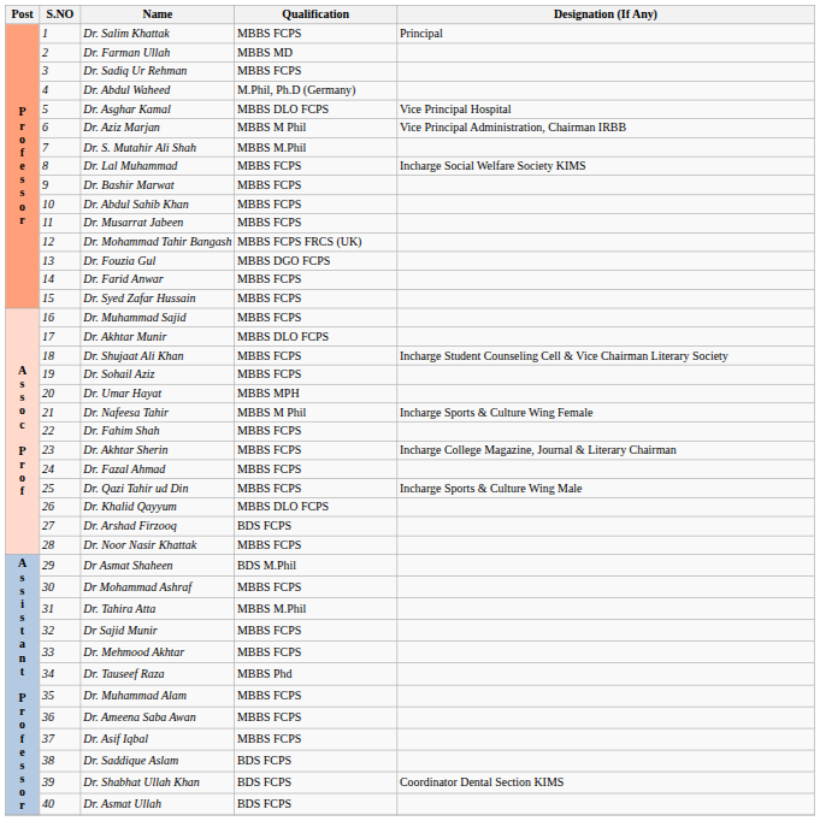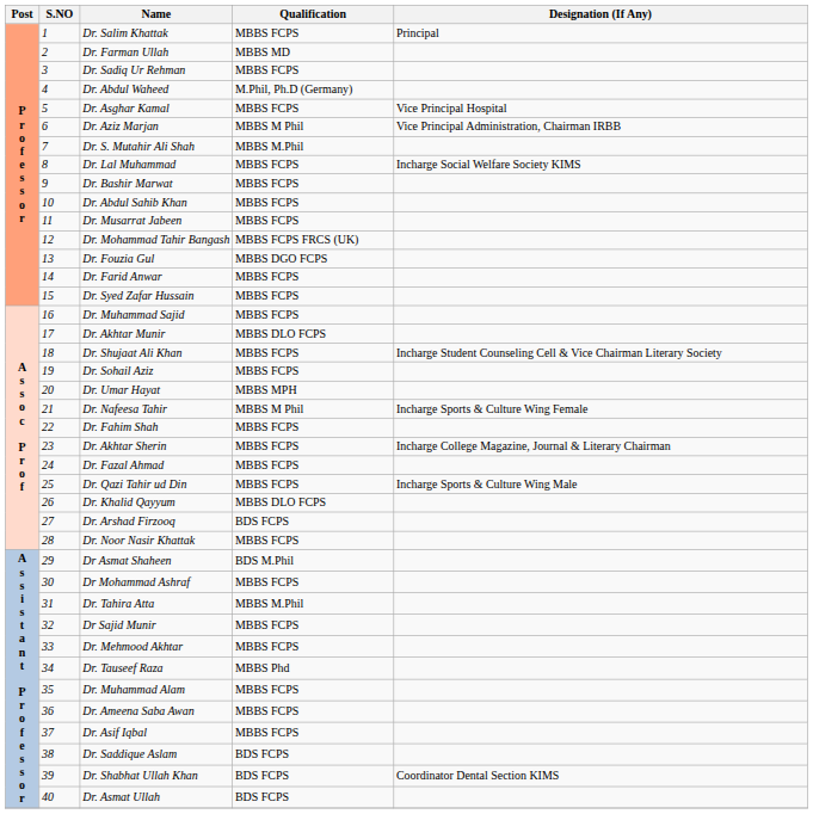 <table class="wikitable">
 <tr style="background:#b0e0e66; text-align:center;">
 <th colspan=1><strong>Post</strong></th>
 <th><strong>S.NO</strong></th>
 <th style="width:19%;"><strong>Name</strong></th>
 <th><strong>Qualification</strong></th>
 <th><strong>Designation (If Any)</strong></th>
 </tr>
 <tr>
 <td rowspan=15 style="text-align:center; background:#ffa07a; textcolor:#000;"><strong>P<br>r<br>o<br>f<br>e<br>s<br>s<br>o<br>r</strong></td>
 <td><em>1</em></td>
 <td><em>Dr. Salim Khattak</em></td>
 <td>MBBS FCPS</td>
 <td>Principal</td>
 </tr>
 <tr>
 <td><em>2</em></td>
 <td><em>Dr. Farman Ullah</em></td>
 <td>MBBS MD</td>
 <td></td>
 </tr>
 <tr>
 <td><em>3</em></td>
 <td><em>Dr. Sadiq Ur Rehman</em></td>
 <td>MBBS FCPS</td>
 <td></td>
 </tr>
 <tr>
 <td><em>4</em></td>
 <td><em>Dr. Abdul Waheed</em></td>
 <td>M.Phil, Ph.D (Germany)</td>
 <td></td>
 </tr>
 <tr>
 <td><em>5</em></td>
 <td><em>Dr. Asghar Kamal</em></td>
-<td>MBBS DLO FCPS</td>
+<td>MBBS FCPS</td>
 <td>Vice Principal Hospital</td>
 </tr>
 <tr>
 <td><em>6</em></td>
 <td><em>Dr. Aziz Marjan</em></td>
 <td>MBBS M Phil</td>
 <td>Vice Principal Administration, Chairman IRBB</td>
 </tr>
 <tr>
 <td><em>7</em></td>
 <td><em>Dr. S. Mutahir Ali Shah</em></td>
 <td>MBBS M.Phil</td>
 <td></td>
 </tr>
 <tr>
 <td><em>8</em></td>
 <td><em>Dr. Lal Muhammad</em></td>
 <td>MBBS FCPS</td>
 <td>Incharge Social Welfare Society KIMS</td>
 </tr>
 <tr>
 <td><em>9</em></td>
 <td><em>Dr. Bashir Marwat</em></td>
 <td>MBBS FCPS</td>
 <td></td>
 </tr>
 <tr>
 <td><em>10</em></td>
 <td><em>Dr. Abdul Sahib Khan</em></td>
 <td>MBBS FCPS</td>
 <td></td>
 </tr>
 <tr>
 <td><em>11</em></td>
 <td><em>Dr. Musarrat Jabeen</em></td>
 <td>MBBS FCPS</td>
 <td></td>
 </tr>
 <tr>
 <td><em>12</em></td>
 <td><em>Dr. Mohammad Tahir Bangash</em></td>
 <td>MBBS FCPS FRCS (UK)</td>
 <td></td>
 </tr>
 <tr>
 <td><em>13</em></td>
 <td><em>Dr. Fouzia Gul</em></td>
 <td>MBBS DGO FCPS</td>
 <td></td>
 </tr>
 <tr>
 <td><em>14</em></td>
 <td><em>Dr. Farid Anwar</em></td>
 <td>MBBS FCPS</td>
 <td></td>
 </tr>
 <tr>
 <td><em>15</em></td>
 <td><em>Dr. Syed Zafar Hussain</em></td>
 <td>MBBS FCPS</td>
 <td></td>
 </tr>
 <tr>
 <td rowspan=13 style="text-align:center; background:#ffdacc; textcolor:#000;"><strong>A<br>s<br>s<br>o<br>c<br> <br>P<br>r<br>o<br>f</strong></td>
 <td><em>16</em></td>
 <td><em>Dr. Muhammad Sajid</em></td>
 <td>MBBS FCPS</td>
 <td></td>
 </tr>
 <tr>
 <td><em>17</em></td>
 <td><em>Dr. Akhtar Munir</em></td>
 <td>MBBS DLO FCPS</td>
 <td></td>
 </tr>
 <tr>
 <td><em>18</em></td>
 <td><em>Dr. Shujaat Ali Khan</em></td>
 <td>MBBS FCPS</td>
 <td>Incharge Student Counseling Cell & Vice Chairman Literary Society</td>
 </tr>
 <tr>
 <td><em>19</em></td>
 <td><em>Dr. Sohail Aziz</em></td>
 <td>MBBS FCPS</td>
 <td></td>
 </tr>
 <tr>
 <td><em>20</em></td>
 <td><em>Dr. Umar Hayat</em></td>
 <td>MBBS MPH</td>
 <td></td>
 </tr>
 <tr>
 <td><em>21</em></td>
 <td><em>Dr. Nafeesa Tahir</em></td>
 <td>MBBS M Phil</td>
 <td>Incharge Sports & Culture Wing Female</td>
 </tr>
 <tr>
 <td><em>22</em></td>
 <td><em>Dr. Fahim Shah</em></td>
 <td>MBBS FCPS</td>
 <td></td>
 </tr>
 <tr>
 <td><em>23</em></td>
 <td><em>Dr. Akhtar Sherin</em></td>
 <td>MBBS FCPS</td>
 <td>Incharge College Magazine, Journal & Literary Chairman</td>
 </tr>
 <tr>
 <td><em>24</em></td>
 <td><em>Dr. Fazal Ahmad</em></td>
 <td>MBBS FCPS</td>
 <td></td>
 </tr>
 <tr>
 <td><em>25</em></td>
 <td><em>Dr. Qazi Tahir ud Din</em></td>
 <td>MBBS FCPS</td>
 <td>Incharge Sports & Culture Wing Male</td>
 </tr>
 <tr>
 <td><em>26</em></td>
 <td><em>Dr. Khalid Qayyum</em></td>
 <td>MBBS DLO FCPS</td>
 <td></td>
 </tr>
 <tr>
 <td><em>27</em></td>
 <td><em>Dr. Arshad Firzooq</em></td>
 <td>BDS FCPS</td>
 <td></td>
 </tr>
 <tr>
 <td><em>28</em></td>
 <td><em>Dr. Noor Nasir Khattak</em></td>
 <td>MBBS FCPS</td>
 <td></td>
 </tr>
 <tr>
 <td rowspan=12 style="text-align:center; background:#b4cae3;"><strong>A<br>s<br>s<br>i<br>s<br>t<br>a<br>n<br>t<br> <br>P<br>r<br>o<br>f<br>e<br>s<br>s<br>o<br>r</strong></td>
 <td><em>29</em></td>
 <td><em>Dr Asmat Shaheen</em></td>
 <td>BDS M.Phil</td>
 <td></td>
 </tr>
 <tr>
 <td><em>30</em></td>
 <td><em>Dr Mohammad Ashraf</em></td>
 <td>MBBS FCPS</td>
 <td></td>
 </tr>
 <tr>
 <td><em>31</em></td>
 <td><em>Dr. Tahira Atta</em></td>
 <td>MBBS M.Phil</td>
 <td></td>
 </tr>
 <tr>
 <td><em>32</em></td>
 <td><em>Dr Sajid Munir</em></td>
 <td>MBBS FCPS</td>
 <td></td>
 </tr>
 <tr>
 <td><em>33</em></td>
 <td><em>Dr. Mehmood Akhtar</em></td>
 <td>MBBS FCPS</td>
 <td></td>
 </tr>
 <tr>
 <td><em>34</em></td>
 <td><em>Dr. Tauseef Raza</em></td>
 <td>MBBS Phd</td>
 <td></td>
 </tr>
 <tr>
 <td><em>35</em></td>
 <td><em>Dr. Muhammad Alam</em></td>
 <td>MBBS FCPS</td>
 <td></td>
 </tr>
 <tr>
 <td><em>36</em></td>
 <td><em>Dr. Ameena Saba Awan</em></td>
 <td>MBBS FCPS</td>
 <td></td>
 </tr>
 <tr>
 <td><em>37</em></td>
 <td><em>Dr. Asif Iqbal</em></td>
 <td>MBBS FCPS</td>
 <td></td>
 </tr>
 <tr>
 <td><em>38</em></td>
 <td><em>Dr. Saddique Aslam</em></td>
 <td>BDS FCPS</td>
 <td></td>
 </tr>
 <tr>
 <td><em>39</em></td>
 <td><em>Dr. Shabhat Ullah Khan</em></td>
 <td>BDS FCPS</td>
 <td>Coordinator Dental Section KIMS</td>
 </tr>
 <tr>
 <td><em>40</em></td>
 <td><em>Dr. Asmat Ullah</em></td>
 <td>BDS FCPS</td>
 <td></td>
 </tr>
 <tr>
 </tr>
 </table>
